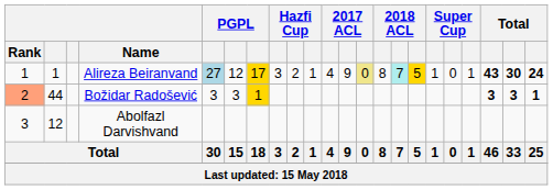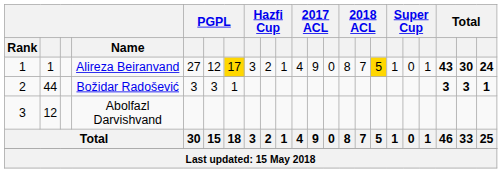 <table class="wikitable sortable" style="text-align:center; font-size:95%;">
 <tr>
 <th colspan=4></th>
 <th colspan=3><a href='#'>PGPL</a></th>
 <th colspan=3><a href='#'>Hazfi Cup</a></th>
 <th colspan=3><a href='#'>2017 ACL</a></th>
 <th colspan=3><a href='#'>2018 ACL</a></th>
 <th colspan=3><a href='#'>Super Cup</a></th>
 <th colspan=3>Total</th>
 </tr>
 <tr>
 <th width=20>Rank</th>
 <th width=20></th>
 <th width=20></th>
 <th width=220>Name</th>
 <th width=20></th>
 <th width=20></th>
 <th width=20></th>
 <th width=20></th>
 <th width=20></th>
 <th width=20></th>
 <th width=20></th>
 <th width=20></th>
 <th width=20></th>
 <th width=20></th>
 <th width=20></th>
 <th width=20></th>
 <th width=20></th>
 <th width=20></th>
 <th width=20></th>
 <th width=20></th>
 <th width=20></th>
 <th width=20></th>
 </tr>
 <tr>
 <td>1</td>
 <td>1</td>
 <td></td>
 <td><a href='#'>Alireza Beiranvand</a></td>
-<td style="background: lightblue;">27</td>
+<td>27</td>
 <td>12</td>
 <td style="background:Gold">17</td>
 <td>3</td>
 <td>2</td>
 <td>1</td>
 <td>4</td>
 <td>9</td>
-<td style="background: khaki;">0</td>
+<td>0</td>
 <td>8</td>
-<td style="background: paleturquoise;">7</td>
+<td>7</td>
 <td style="background:Gold">5</td>
 <td>1</td>
 <td>0</td>
 <td>1</td>
 <td><strong>43</strong></td>
 <td><strong>30</strong></td>
 <td><strong>24</strong></td>
 </tr>
 <tr>
-<td style="background: lightsalmon;">2</td>
+<td>2</td>
 <td>44</td>
 <td></td>
 <td><a href='#'>Božidar Radošević</a></td>
 <td>3</td>
 <td>3</td>
-<td style="background: gold;">1</td>
+<td>1</td>
 <td></td>
 <td></td>
 <td></td>
 <td></td>
 <td></td>
 <td></td>
 <td></td>
 <td></td>
 <td></td>
 <td></td>
 <td></td>
 <td></td>
 <td><strong>3</strong></td>
 <td><strong>3</strong></td>
 <td><strong>1</strong></td>
 </tr>
 <tr>
 <td>3</td>
 <td>12</td>
 <td></td>
 <td>Abolfazl Darvishvand</td>
 <td></td>
 <td></td>
 <td></td>
 <td></td>
 <td></td>
 <td></td>
 <td></td>
 <td></td>
 <td></td>
 <td></td>
 <td></td>
 <td></td>
 <td></td>
 <td></td>
 <td></td>
 <td></td>
 <td></td>
 <td></td>
 </tr>
 <tr>
 <th colspan=4>Total</th>
 <th>30</th>
 <th>15</th>
 <th>18</th>
 <th>3</th>
 <th>2</th>
 <th>1</th>
 <th>4</th>
 <th>9</th>
 <th>0</th>
 <th>8</th>
 <th>7</th>
 <th>5</th>
 <th>1</th>
 <th>0</th>
 <th>1</th>
 <th>46</th>
 <th>33</th>
 <th>25</th>
 </tr>
 <tr>
 </tr>
 <tr align=left style="background:#DCDCDC">
 <th colspan="22"><small>Last updated: 15 May 2018</small></th>
 </tr>
 </table>
